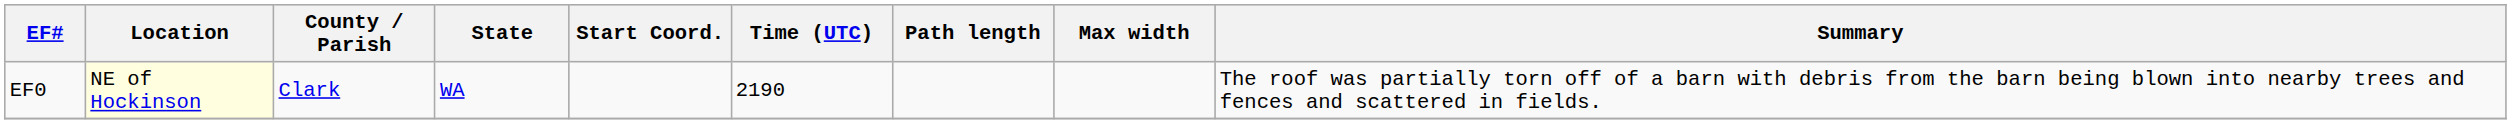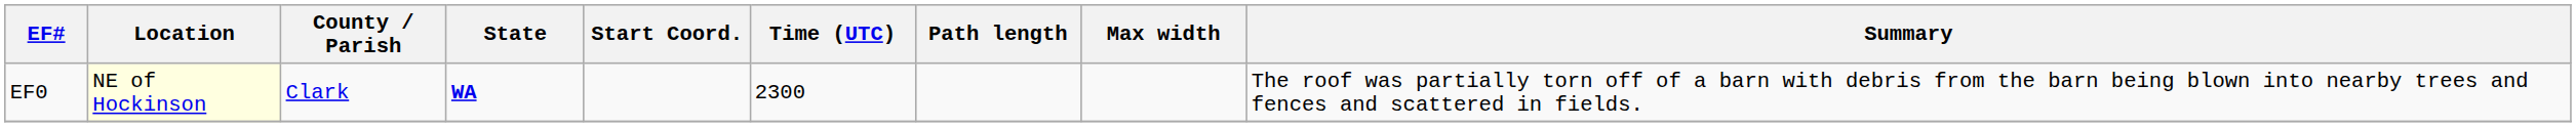 <table class="wikitable sortable" style="width:100%;">
 <tr>
 <th scope="col"  style="width:3%; text-align:center;"><a href='#'>EF#</a></th>
 <th scope="col"  style="width:7%; text-align:center;" class="unsortable">Location</th>
 <th scope="col"  style="width:6%; text-align:center;" class="unsortable">County / Parish</th>
 <th scope="col"  style="width:5%; text-align:center;">State</th>
 <th scope="col"  style="width:6%; text-align:center;">Start Coord.</th>
 <th scope="col"  style="width:6%; text-align:center;">Time (<a href='#'>UTC</a>)</th>
 <th scope="col"  style="width:6%; text-align:center;">Path length</th>
 <th scope="col"  style="width:6%; text-align:center;">Max width</th>
 <th scope="col" class="unsortable" style="width:48%; text-align:center;">Summary</th>
 </tr>
 <tr>
 <td>EF0</td>
 <td style="background: lightyellow;">NE of <a href='#'>Hockinson</a></td>
 <td><a href='#'>Clark</a></td>
-<td><a href='#'>WA</a></td>
+<td><strong><a href='#'>WA</a></strong></td>
 <td></td>
-<td>2190</td>
+<td>2300</td>
 <td></td>
 <td></td>
 <td>The roof was partially torn off of a barn with debris from the barn being blown into nearby trees and fences and scattered in fields.</td>
 </tr>
 <tr>
 </tr>
 </table>
